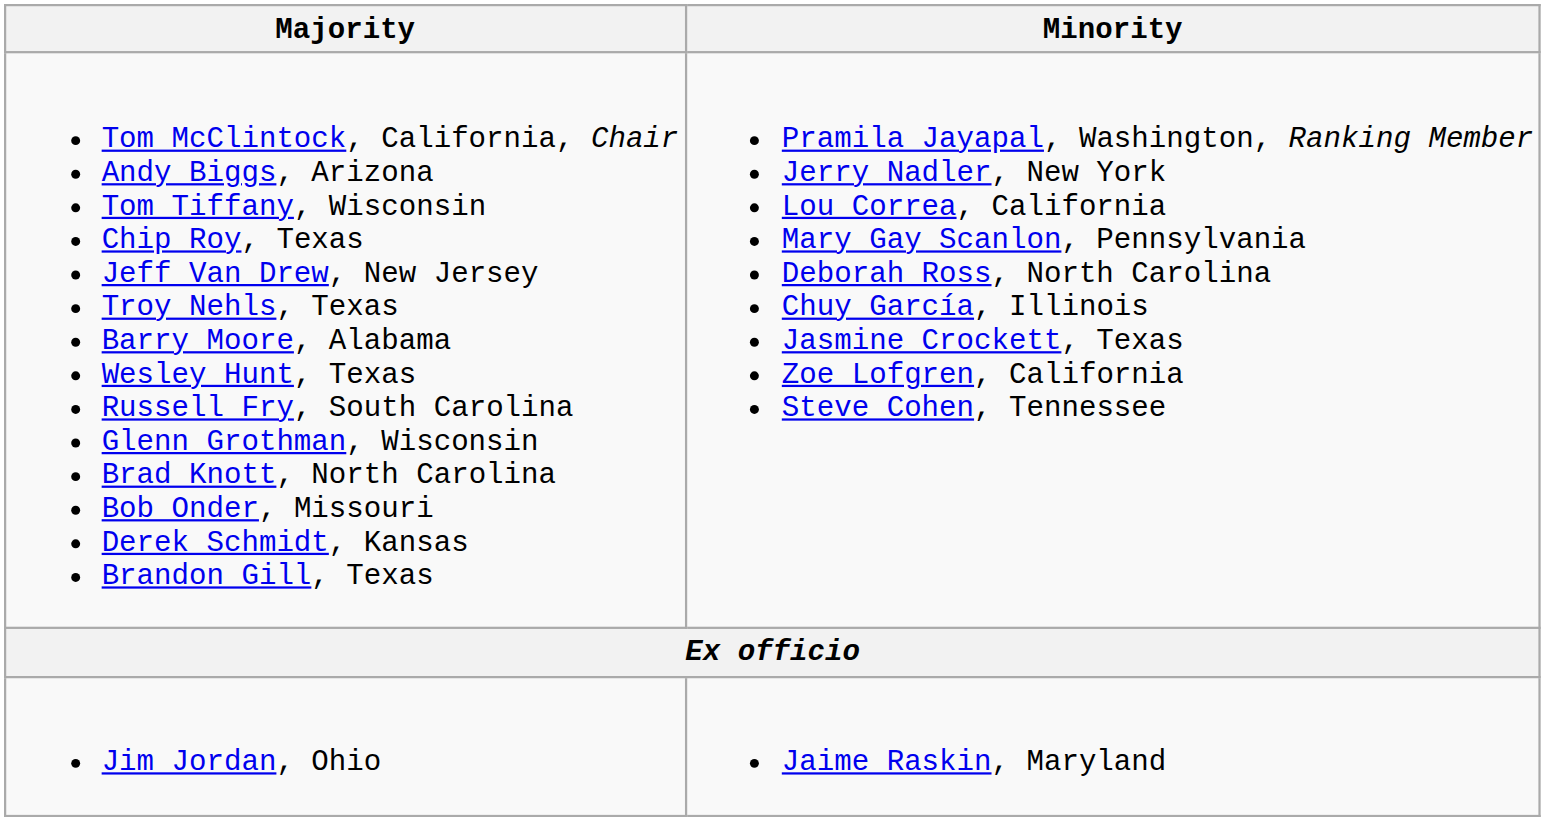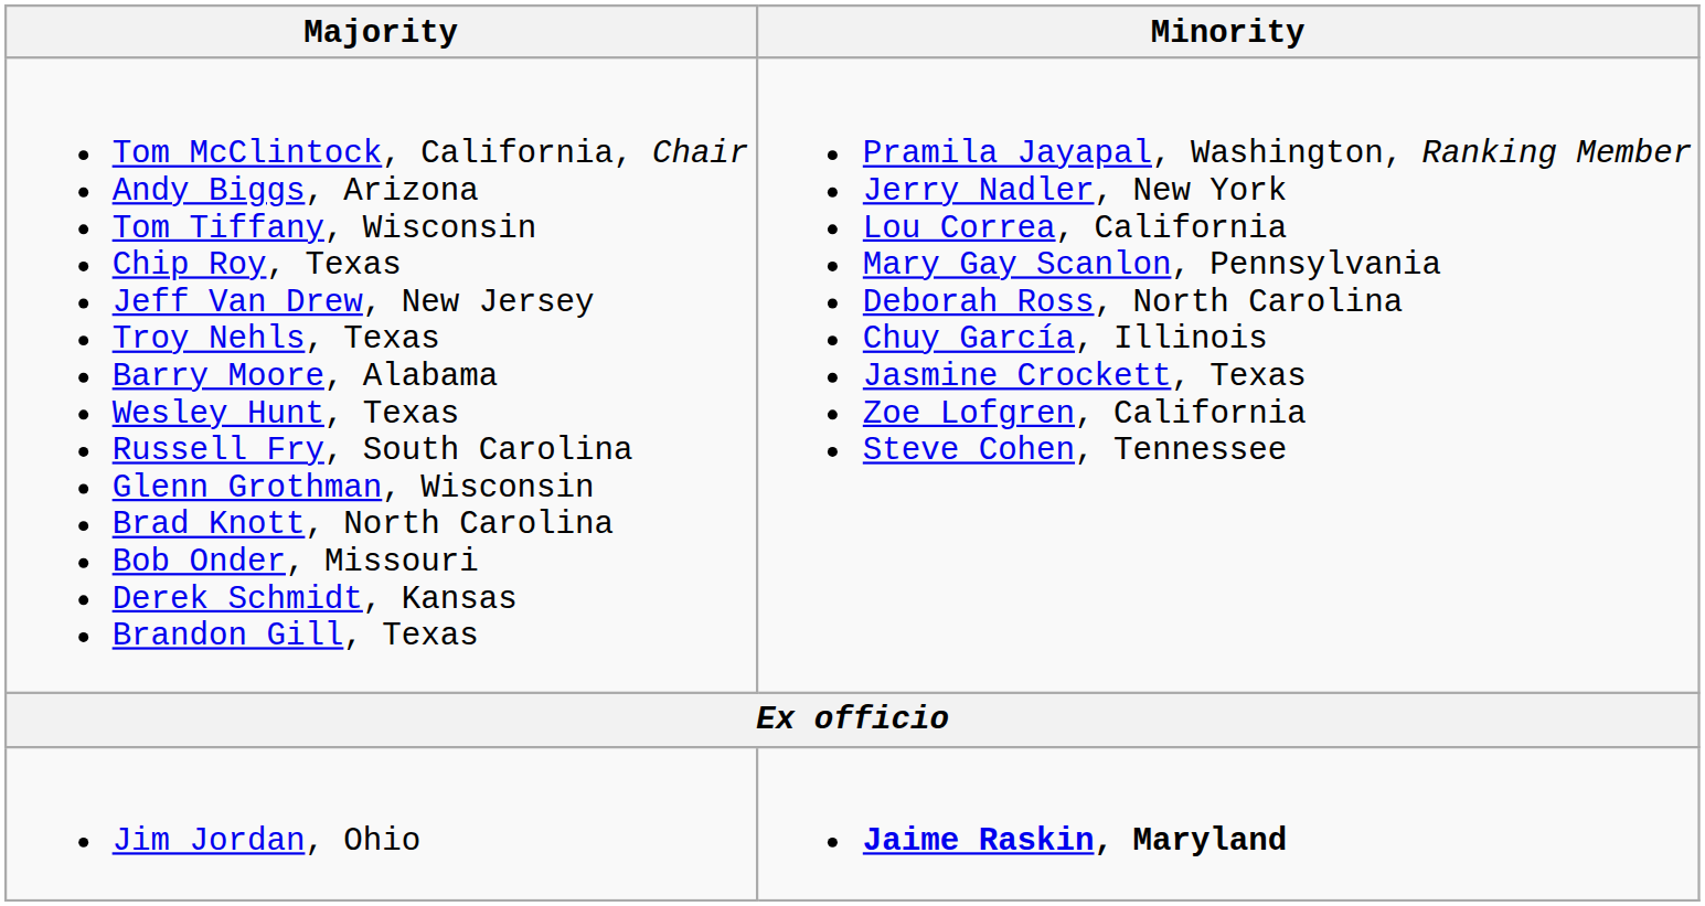 <table class=wikitable>
 <tr>
 <th>Majority</th>
 <th>Minority</th>
 </tr>
 <tr valign=top>
 <td><br><ul><li><a href='#'>Tom McClintock</a>, California, <em>Chair</em></li><li><a href='#'>Andy Biggs</a>, Arizona</li><li><a href='#'>Tom Tiffany</a>, Wisconsin</li><li><a href='#'>Chip Roy</a>, Texas</li><li><a href='#'>Jeff Van Drew</a>, New Jersey</li><li><a href='#'>Troy Nehls</a>, Texas</li><li><a href='#'>Barry Moore</a>, Alabama</li><li><a href='#'>Wesley Hunt</a>, Texas</li><li><a href='#'>Russell Fry</a>, South Carolina</li><li><a href='#'>Glenn Grothman</a>, Wisconsin</li><li><a href='#'>Brad Knott</a>, North Carolina</li><li><a href='#'>Bob Onder</a>, Missouri</li><li><a href='#'>Derek Schmidt</a>, Kansas</li><li><a href='#'>Brandon Gill</a>, Texas</li></ul></td>
 <td><br><ul><li><a href='#'>Pramila Jayapal</a>, Washington, <em>Ranking Member</em></li><li><a href='#'>Jerry Nadler</a>, New York</li><li><a href='#'>Lou Correa</a>, California</li><li><a href='#'>Mary Gay Scanlon</a>, Pennsylvania</li><li><a href='#'>Deborah Ross</a>, North Carolina</li><li><a href='#'>Chuy García</a>, Illinois</li><li><a href='#'>Jasmine Crockett</a>, Texas</li><li><a href='#'>Zoe Lofgren</a>, California</li><li><a href='#'>Steve Cohen</a>, Tennessee</li></ul></td>
 </tr>
 <tr>
 <th colspan=2><em>Ex officio</em></th>
 </tr>
 <tr>
 <td><br><ul><li><a href='#'>Jim Jordan</a>, Ohio</li></ul></td>
-<td><br><ul><li><a href='#'>Jaime Raskin</a>, Maryland</li></ul></td>
+<td><strong><br><ul><li><a href='#'>Jaime Raskin</a>, Maryland</li></ul></strong></td>
 </tr>
 </table>
